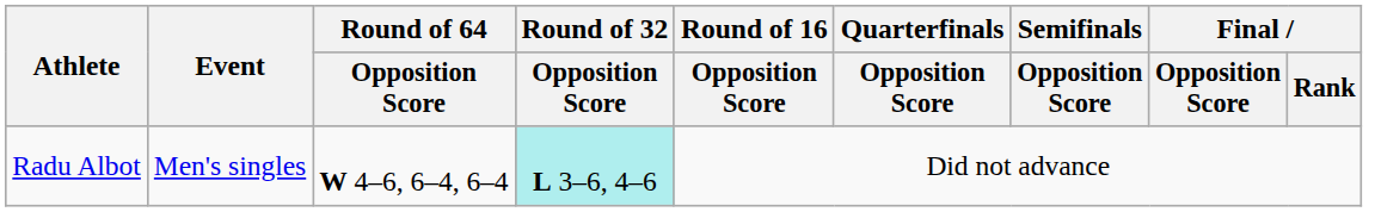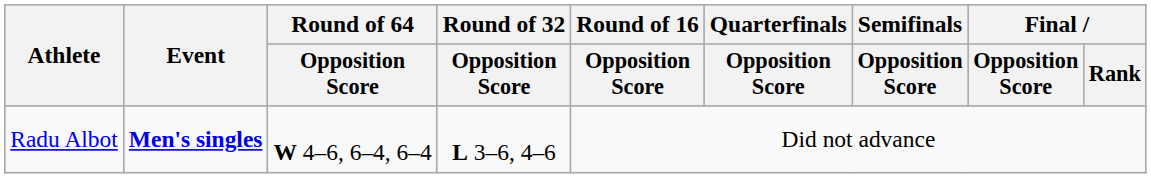 <table class=wikitable style="font-size:90%">
 <tr>
 <th rowspan="2">Athlete</th>
 <th rowspan="2">Event</th>
 <th>Round of 64</th>
 <th>Round of 32</th>
 <th>Round of 16</th>
 <th>Quarterfinals</th>
 <th>Semifinals</th>
 <th colspan=2>Final / </th>
 </tr>
 <tr style="font-size:95%">
 <th>Opposition<br>Score</th>
 <th>Opposition<br>Score</th>
 <th>Opposition<br>Score</th>
 <th>Opposition<br>Score</th>
 <th>Opposition<br>Score</th>
 <th>Opposition<br>Score</th>
 <th>Rank</th>
 </tr>
 <tr align=center>
 <td align=left><a href='#'>Radu Albot</a></td>
-<td align=left><a href='#'>Men's singles</a></td>
+<td align=left><strong><a href='#'>Men's singles</a></strong></td>
 <td><br><strong>W</strong> 4–6, 6–4, 6–4</td>
-<td style="background: paleturquoise;"><br><strong>L</strong> 3–6, 4–6</td>
+<td><br><strong>L</strong> 3–6, 4–6</td>
 <td colspan=5>Did not advance</td>
 </tr>
 </table>
